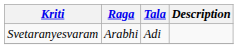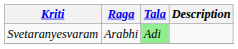 <table class="wikitable">
 <tr>
 <th><em><a href='#'>Kriti</a></em></th>
 <th><em><a href='#'>Raga</a></em></th>
 <th><em><a href='#'>Tala</a></em></th>
 <th><em>Description</em></th>
 </tr>
 <tr>
 <td><em>Svetaranyesvaram</em></td>
 <td><em>Arabhi</em></td>
-<td><em>Adi</em></td>
+<td style="background: lightgreen;"><em>Adi</em></td>
 <td></td>
 </tr>
 <tr>
 </tr>
 </table>
